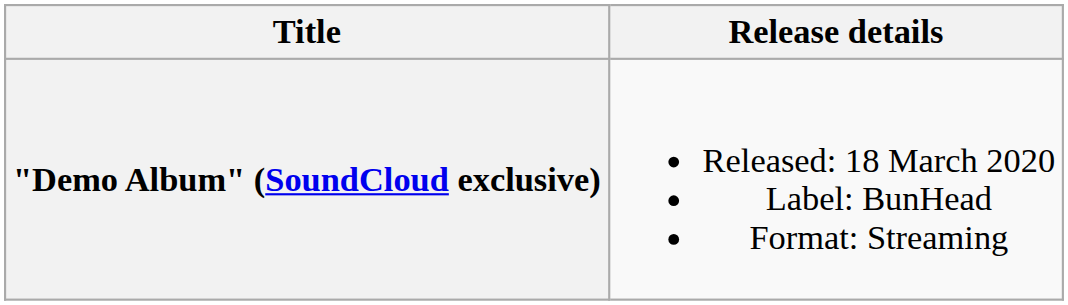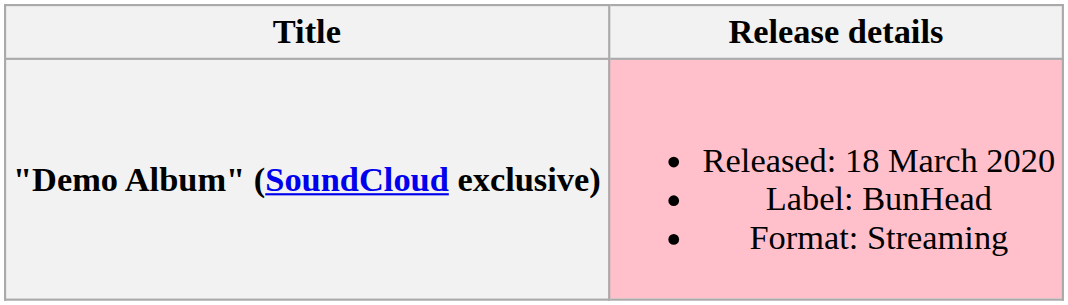 <table class="wikitable plainrowheaders" style="text-align:center;">
 <tr>
 <th>Title</th>
 <th>Release details</th>
 </tr>
 <tr>
 <th scope="row">"Demo Album" (<a href='#'>SoundCloud</a> exclusive)</th>
-<td><br><ul><li>Released: 18 March 2020</li><li>Label: BunHead</li><li>Format: Streaming</li></ul></td>
+<td style="background: pink;"><br><ul><li>Released: 18 March 2020</li><li>Label: BunHead</li><li>Format: Streaming</li></ul></td>
 </tr>
 </table>
